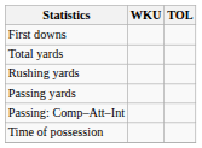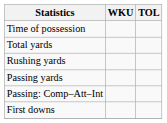 <table class="wikitable" style="float: left;">
 <tr>
 <th>Statistics</th>
 <th>WKU</th>
 <th>TOL</th>
 </tr>
 <tr>
-<td>First downs</td>
+<td>Time of possession</td>
 <td></td>
 <td></td>
 </tr>
 <tr>
 <td>Total yards</td>
 <td></td>
 <td></td>
 </tr>
 <tr>
 <td>Rushing yards</td>
 <td></td>
 <td></td>
 </tr>
 <tr>
 <td>Passing yards</td>
 <td></td>
 <td></td>
 </tr>
 <tr>
 <td>Passing: Comp–Att–Int</td>
 <td></td>
 <td></td>
 </tr>
 <tr>
-<td>Time of possession</td>
+<td>First downs</td>
 <td></td>
 <td></td>
 </tr>
 <tr>
 </tr>
 </table>
